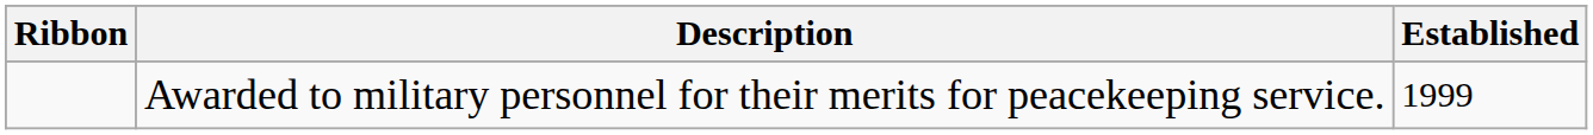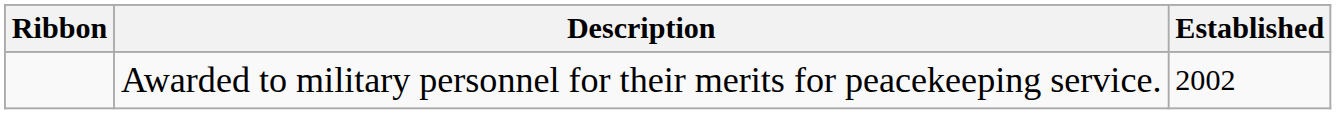 <table class="wikitable">
 <tr>
 <th>Ribbon</th>
 <th>Description</th>
 <th>Established</th>
 </tr>
 <tr>
 <td><big></big></td>
 <td><big>Awarded to military personnel for their merits for peacekeeping service.</big></td>
-<td>1999</td>
+<td>2002</td>
 </tr>
 </table>
